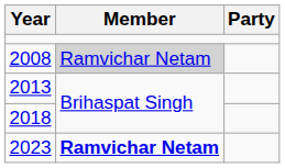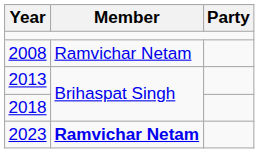 <table class="wikitable">
 <tr>
 <th>Year</th>
 <th>Member</th>
 <th colspan="2">Party</th>
 </tr>
 <tr>
 <td colspan="4"></td>
 </tr>
 <tr>
 <td><a href='#'>2008</a></td>
-<td style="background: lightgrey;"><a href='#'>Ramvichar Netam</a></td>
+<td><a href='#'>Ramvichar Netam</a></td>
 <td></td>
 </tr>
 <tr>
 <td><a href='#'>2013</a></td>
 <td rowspan="2"><a href='#'>Brihaspat Singh</a></td>
 <td></td>
 </tr>
 <tr>
 <td><a href='#'>2018</a></td>
 </tr>
 <tr>
 <td><a href='#'>2023</a></td>
 <td><strong><a href='#'>Ramvichar Netam</a></strong></td>
 <td></td>
 </tr>
 </table>
